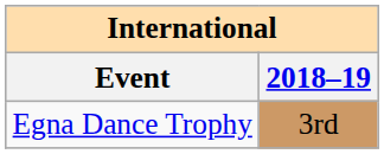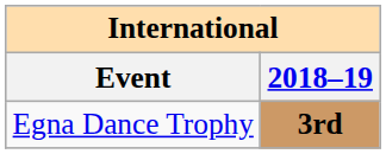 <table class="wikitable" style="text-align:center">
 <tr>
 <th style="background-color: #ffdead; " colspan=2 align=center>International</th>
 </tr>
 <tr>
 <th>Event</th>
 <th><a href='#'>2018–19</a></th>
 </tr>
 <tr>
 <td><a href='#'>Egna Dance Trophy</a></td>
-<td bgcolor=cc9966>3rd</td>
+<td bgcolor=cc9966><strong>3rd</strong></td>
 </tr>
 </table>
